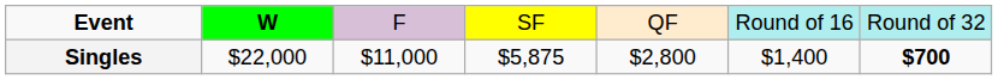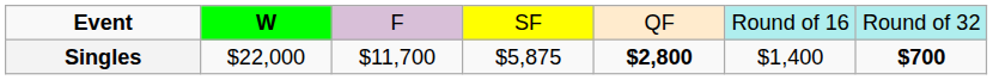 <table class=wikitable style=font-size:95%;text-align:center>
 <tr>
 <td style="width:130px"><strong>Event</strong></td>
 <td style="width:85px; background:lime"><strong>W</strong></td>
 <td style="width:85px; background:thistle">F</td>
 <td style="width:85px; background:#ffff00">SF</td>
 <td style="width:85px; background:#ffebcd">QF</td>
 <td style="width:85px; background:#afeeee">Round of 16</td>
 <td style="width:85px; background:#afeeee">Round of 32</td>
 </tr>
 <tr>
 <th style=background:#f3f3f3>Singles </th>
 <td>$22,000</td>
-<td>$11,000</td>
+<td>$11,700</td>
 <td>$5,875</td>
-<td>$2,800</td>
+<td><strong>$2,800</strong></td>
 <td>$1,400</td>
 <td><strong>$700</strong></td>
 </tr>
 </table>
